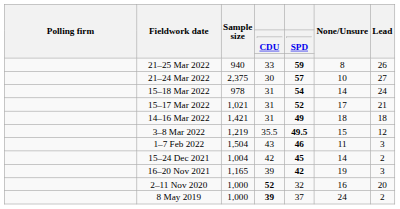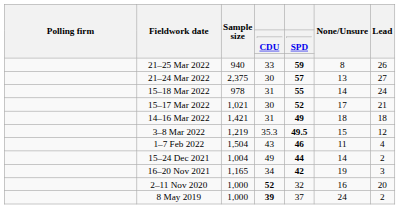 <table class="wikitable sortable" style="text-align:center;font-size:90%;line-height:14px;">
 <tr style="height:40px;">
 <th style="width:200px;" rowspan="3">Polling firm</th>
 <th style="width:125px;" rowspan="3">Fieldwork date</th>
 <th style="width:35px;" rowspan="3">Sample<br>size</th>
 <th class="unsortable" style="width:40px;"></th>
 <th class="unsortable" style="width:40px;"></th>
 <th class="unsortable" style="width:40px;" rowspan="3">None/Unsure</th>
 <th style="width:30px;" rowspan="3">Lead</th>
 </tr>
 <tr>
 <th class="unsortable" style="width:40px;"><hr><a href='#'>CDU</a></th>
 <th class="unsortable" style="width:40px;"><hr><a href='#'>SPD</a></th>
 </tr>
 <tr>
 <th style="background:"></th>
 <th style="background:"></th>
 </tr>
 <tr>
 <td></td>
 <td data-sort-value="2022-03-25">21–25 Mar 2022</td>
 <td>940</td>
 <td>33</td>
 <td><strong>59</strong></td>
 <td>8</td>
 <td style="background:">26</td>
 </tr>
 <tr>
 <td></td>
 <td data-sort-value="2022-03-24">21–24 Mar 2022</td>
 <td>2,375</td>
 <td>30</td>
 <td><strong>57</strong></td>
-<td>10</td>
+<td>13</td>
 <td style="background:">27</td>
 </tr>
 <tr>
 <td></td>
 <td data-sort-value="2022-03-18">15–18 Mar 2022</td>
 <td>978</td>
 <td>31</td>
-<td><strong>54</strong></td>
+<td><strong>55</strong></td>
 <td>14</td>
 <td style="background:">24</td>
 </tr>
 <tr>
 <td></td>
 <td data-sort-value="2022-03-17">15–17 Mar 2022</td>
 <td>1,021</td>
-<td>31</td>
+<td>30</td>
 <td><strong>52</strong></td>
 <td>17</td>
 <td style="background:">21</td>
 </tr>
 <tr>
 <td></td>
 <td data-sort-value="2022-03-16">14–16 Mar 2022</td>
 <td>1,421</td>
 <td>31</td>
 <td><strong>49</strong></td>
 <td>18</td>
 <td style="background:">18</td>
 </tr>
 <tr>
 <td></td>
 <td data-sort-value="2022-03-08">3–8 Mar 2022</td>
 <td>1,219</td>
-<td>35.5</td>
+<td>35.3</td>
 <td><strong>49.5</strong></td>
 <td>15</td>
 <td style="background:">12</td>
 </tr>
 <tr>
 <td></td>
 <td data-sort-value="2022-02-07">1–7 Feb 2022</td>
 <td>1,504</td>
 <td>43</td>
 <td><strong>46</strong></td>
 <td>11</td>
-<td style="background:">3</td>
+<td style="background:">4</td>
 </tr>
 <tr>
 <td></td>
 <td data-sort-value="2021-12-24">15–24 Dec 2021</td>
 <td>1,004</td>
-<td>42</td>
-<td><strong>45</strong></td>
+<td>49</td>
+<td><strong>44</strong></td>
 <td>14</td>
 <td style="background:">2</td>
 </tr>
 <tr>
 <td></td>
 <td data-sort-value="2021-11-20">16–20 Nov 2021</td>
 <td>1,165</td>
-<td>39</td>
+<td>34</td>
 <td><strong>42</strong></td>
 <td>19</td>
 <td style="background:">3</td>
 </tr>
 <tr>
 <td></td>
 <td data-sort-value="2020-11-11">2–11 Nov 2020</td>
 <td>1,000</td>
 <td><strong>52</strong></td>
 <td>32</td>
 <td>16</td>
 <td style="background:">20</td>
 </tr>
 <tr>
 <td></td>
 <td data-sort-value="2019-05-08">8 May 2019</td>
 <td>1,000</td>
 <td><strong>39</strong></td>
 <td>37</td>
 <td>24</td>
 <td style="background:">2</td>
 </tr>
 </table>
